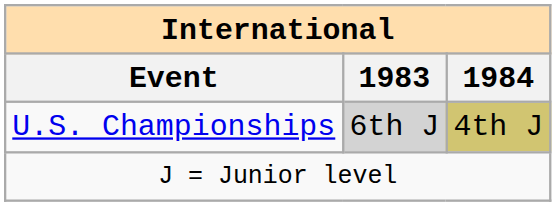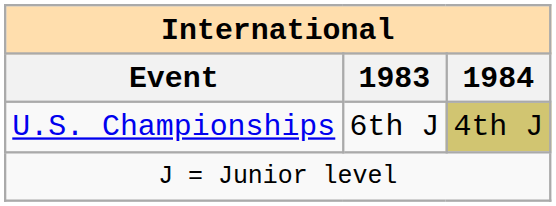 <table class="wikitable" style="text-align:center">
 <tr>
 <th style="background-color: #ffdead; " colspan=3 align=center>International</th>
 </tr>
 <tr>
 <th>Event</th>
 <th>1983</th>
 <th>1984</th>
 </tr>
 <tr>
 <td align=left><a href='#'>U.S. Championships</a></td>
-<td style="background: lightgrey;">6th J</td>
+<td>6th J</td>
 <td bgcolor=d1c571>4th J</td>
 </tr>
 <tr>
 <td colspan=3 align=center><small> J = Junior level </small></td>
 </tr>
 </table>
